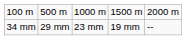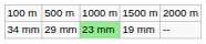 <table class="wikitable">
 <tr>
 <td>100 m</td>
 <td>500 m</td>
 <td>1000 m</td>
 <td>1500 m</td>
 <td>2000 m</td>
 </tr>
 <tr>
 <td>34 mm</td>
 <td>29 mm</td>
-<td>23 mm</td>
+<td style="background: lightgreen;">23 mm</td>
 <td>19 mm</td>
 <td>--</td>
 </tr>
 </table>
